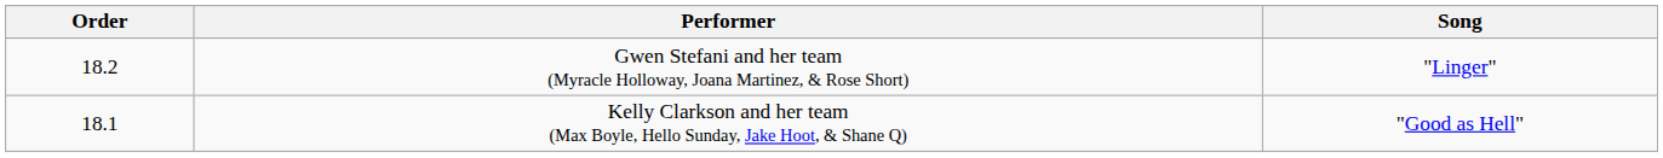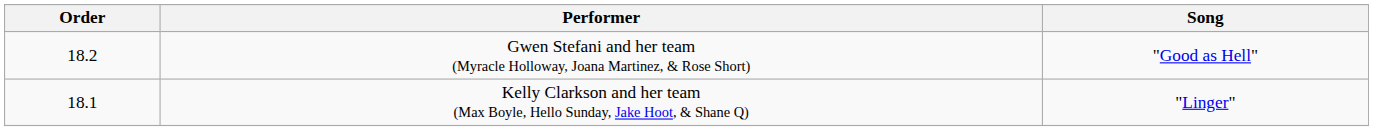 <table class="wikitable" style="text-align:center; width:100%;">
 <tr>
 </tr>
 <tr>
 <th>Order</th>
 <th>Performer</th>
 <th>Song</th>
 </tr>
 <tr>
 <td>18.2</td>
 <td>Gwen Stefani and her team <br><small>(Myracle Holloway, Joana Martinez, & Rose Short)</small></td>
-<td>"<a href='#'>Linger</a>"</td>
+<td>"<a href='#'>Good as Hell</a>"</td>
 </tr>
 <tr>
 <td>18.1</td>
 <td>Kelly Clarkson and her team <br><small>(Max Boyle, Hello Sunday, <a href='#'>Jake Hoot</a>, & Shane Q)</small></td>
-<td>"<a href='#'>Good as Hell</a>"</td>
+<td>"<a href='#'>Linger</a>"</td>
 </tr>
 <tr>
 </tr>
 </table>
